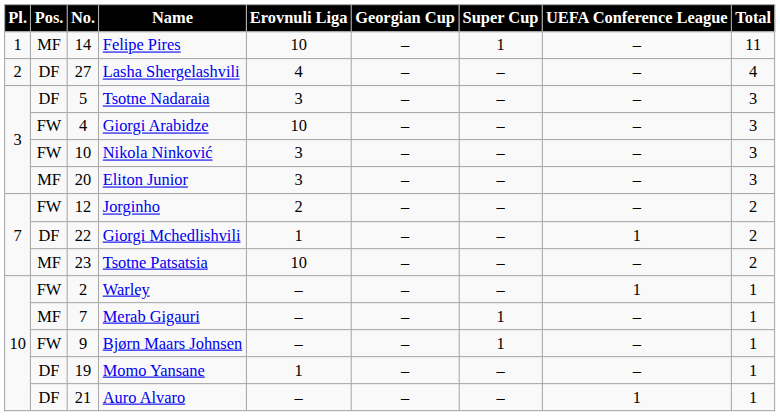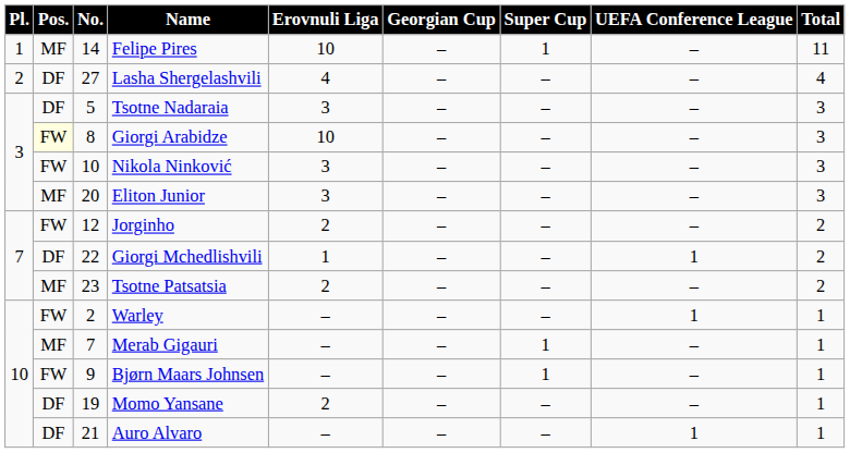 <table class="wikitable" style="font-size: 95%; text-align: center;">
 <tr>
 <th style="background:#000000; color:white; width=30">Pl.</th>
 <th style="background:#000000; color:white; width=30">Pos.</th>
 <th style="background:#000000; color:white; width=30">No.</th>
 <th style="background:#000000; color:white; width=250">Name</th>
 <th style="background:#000000; color:white; width=150">Erovnuli Liga</th>
 <th style="background:#000000; color:white; width=150">Georgian Cup</th>
 <th style="background:#000000; color:white; width=150">Super Cup</th>
 <th style="background:#000000; color:white; width=150">UEFA Conference League</th>
 <th style="background:#000000; color:white; width=80">Total</th>
 </tr>
 <tr>
 <td>1</td>
 <td>MF</td>
 <td>14</td>
 <td align=left> <a href='#'>Felipe Pires</a></td>
 <td>10</td>
 <td>–</td>
 <td>1</td>
 <td>–</td>
 <td>11</td>
 </tr>
 <tr>
 <td>2</td>
 <td>DF</td>
 <td>27</td>
 <td align=left> <a href='#'>Lasha Shergelashvili</a></td>
 <td>4</td>
 <td>–</td>
 <td>–</td>
 <td>–</td>
 <td>4</td>
 </tr>
 <tr>
 <td rowspan="4">3</td>
 <td>DF</td>
 <td>5</td>
 <td align=left> <a href='#'>Tsotne Nadaraia</a></td>
 <td>3</td>
 <td>–</td>
 <td>–</td>
 <td>–</td>
 <td>3</td>
 </tr>
 <tr>
-<td>FW</td>
-<td>4</td>
+<td style="background: lightyellow;">FW</td>
+<td>8</td>
 <td align=left> <a href='#'>Giorgi Arabidze</a></td>
 <td>10</td>
 <td>–</td>
 <td>–</td>
 <td>–</td>
 <td>3</td>
 </tr>
 <tr>
 <td>FW</td>
 <td>10</td>
 <td align=left> <a href='#'>Nikola Ninković</a></td>
 <td>3</td>
 <td>–</td>
 <td>–</td>
 <td>–</td>
 <td>3</td>
 </tr>
 <tr>
 <td>MF</td>
 <td>20</td>
 <td align=left> <a href='#'>Eliton Junior</a></td>
 <td>3</td>
 <td>–</td>
 <td>–</td>
 <td>–</td>
 <td>3</td>
 </tr>
 <tr>
 <td rowspan="3">7</td>
 <td>FW</td>
 <td>12</td>
 <td align=left> <a href='#'>Jorginho</a></td>
 <td>2</td>
 <td>–</td>
 <td>–</td>
 <td>–</td>
 <td>2</td>
 </tr>
 <tr>
 <td>DF</td>
 <td>22</td>
 <td align=left> <a href='#'>Giorgi Mchedlishvili</a></td>
 <td>1</td>
 <td>–</td>
 <td>–</td>
 <td>1</td>
 <td>2</td>
 </tr>
 <tr>
 <td>MF</td>
 <td>23</td>
 <td align="left"> <a href='#'>Tsotne Patsatsia</a></td>
-<td>10</td>
+<td>2</td>
 <td>–</td>
 <td>–</td>
 <td>–</td>
 <td>2</td>
 </tr>
 <tr>
 <td rowspan="5">10</td>
 <td>FW</td>
 <td>2</td>
 <td align=left> <a href='#'>Warley</a></td>
 <td>–</td>
 <td>–</td>
 <td>–</td>
 <td>1</td>
 <td>1</td>
 </tr>
 <tr>
 <td>MF</td>
 <td>7</td>
 <td align=left> <a href='#'>Merab Gigauri</a></td>
 <td>–</td>
 <td>–</td>
 <td>1</td>
 <td>–</td>
 <td>1</td>
 </tr>
 <tr>
 <td>FW</td>
 <td>9</td>
 <td align=left> <a href='#'>Bjørn Maars Johnsen</a></td>
 <td>–</td>
 <td>–</td>
 <td>1</td>
 <td>–</td>
 <td>1</td>
 </tr>
 <tr>
 <td>DF</td>
 <td>19</td>
 <td align=left> <a href='#'>Momo Yansane</a></td>
-<td>1</td>
+<td>2</td>
 <td>–</td>
 <td>–</td>
 <td>–</td>
 <td>1</td>
 </tr>
 <tr>
 <td>DF</td>
 <td>21</td>
 <td align=left> <a href='#'>Auro Alvaro</a></td>
 <td>–</td>
 <td>–</td>
 <td>–</td>
 <td>1</td>
 <td>1</td>
 </tr>
 </table>
